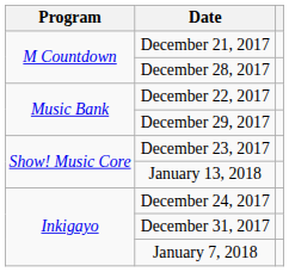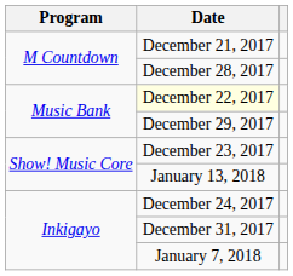 <table class="wikitable sortable" style="text-align:center">
 <tr>
 <th>Program</th>
 <th width="130">Date</th>
 <th class="unsortable"></th>
 </tr>
 <tr>
 <td rowspan="2"><em><a href='#'>M Countdown</a></em></td>
 <td>December 21, 2017</td>
 <td></td>
 </tr>
 <tr>
 <td>December 28, 2017</td>
 <td></td>
 </tr>
 <tr>
 <td rowspan="2"><em><a href='#'>Music Bank</a></em></td>
-<td>December 22, 2017</td>
+<td style="background: lightyellow;">December 22, 2017</td>
 <td></td>
 </tr>
 <tr>
 <td>December 29, 2017</td>
 <td></td>
 </tr>
 <tr>
 <td rowspan="2"><em><a href='#'>Show! Music Core</a></em></td>
 <td>December 23, 2017</td>
 <td></td>
 </tr>
 <tr>
 <td>January 13, 2018</td>
 <td></td>
 </tr>
 <tr>
 <td rowspan="3"><em><a href='#'>Inkigayo</a></em></td>
 <td>December 24, 2017</td>
 <td></td>
 </tr>
 <tr>
 <td>December 31, 2017</td>
 <td></td>
 </tr>
 <tr>
 <td>January 7, 2018</td>
 <td></td>
 </tr>
 </table>
